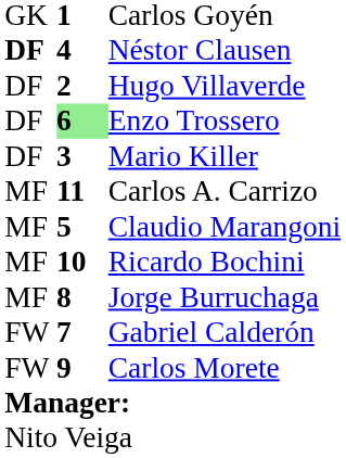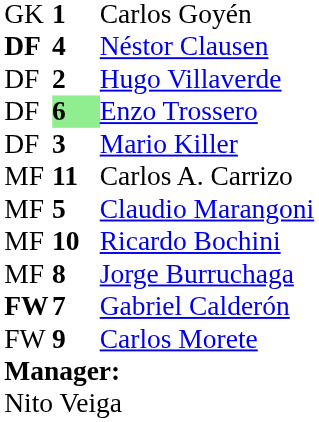 <table cellspacing="0" cellpadding="0" style="font-size:90%; margin:0.2em auto;">
 <tr>
 <th width="25"></th>
 <th width="25"></th>
 </tr>
 <tr>
 <td>GK</td>
 <td><strong>1</strong></td>
 <td> Carlos Goyén</td>
 </tr>
 <tr>
 <td><strong>DF</strong></td>
 <td><strong>4</strong></td>
 <td> <a href='#'>Néstor Clausen</a></td>
 </tr>
 <tr>
 <td>DF</td>
 <td><strong>2</strong></td>
 <td> <a href='#'>Hugo Villaverde</a></td>
 </tr>
 <tr>
 <td>DF</td>
 <td style="background: lightgreen;"><strong>6</strong></td>
 <td> <a href='#'>Enzo Trossero</a></td>
 </tr>
 <tr>
 <td>DF</td>
 <td><strong>3</strong></td>
 <td> <a href='#'>Mario Killer</a></td>
 </tr>
 <tr>
 <td>MF</td>
 <td><strong>11</strong></td>
 <td> Carlos A. Carrizo</td>
 </tr>
 <tr>
 <td>MF</td>
 <td><strong>5</strong></td>
 <td> <a href='#'>Claudio Marangoni</a></td>
 </tr>
 <tr>
 <td>MF</td>
 <td><strong>10</strong></td>
 <td> <a href='#'>Ricardo Bochini</a></td>
 </tr>
 <tr>
 <td>MF</td>
 <td><strong>8</strong></td>
 <td> <a href='#'>Jorge Burruchaga</a></td>
 </tr>
 <tr>
-<td>FW</td>
+<td><strong>FW</strong></td>
 <td><strong>7</strong></td>
 <td> <a href='#'>Gabriel Calderón</a></td>
 </tr>
 <tr>
 <td>FW</td>
 <td><strong>9</strong></td>
 <td> <a href='#'>Carlos Morete</a></td>
 </tr>
 <tr>
 <td colspan=3><strong>Manager:</strong></td>
 </tr>
 <tr>
 <td colspan=4> Nito Veiga</td>
 </tr>
 </table>
